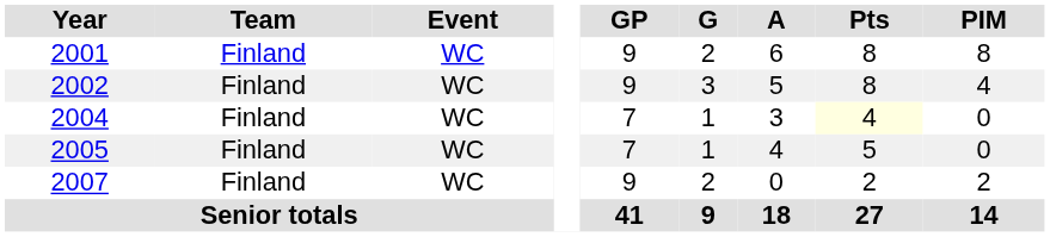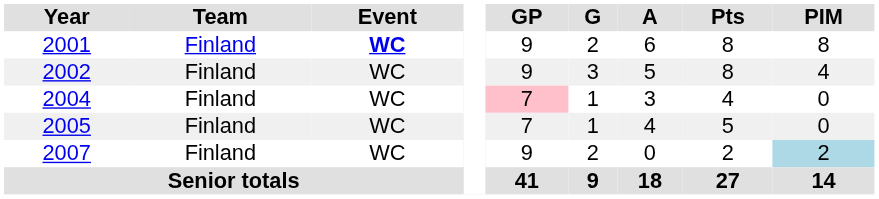 <table border="0" cellpadding="1" cellspacing="0" style="text-align:center; width:40em">
 <tr ALIGN="center" bgcolor="#e0e0e0">
 <th>Year</th>
 <th>Team</th>
 <th>Event</th>
 <th rowspan="99" bgcolor="#ffffff"> </th>
 <th>GP</th>
 <th>G</th>
 <th>A</th>
 <th>Pts</th>
 <th>PIM</th>
 </tr>
 <tr>
 <td><a href='#'>2001</a></td>
 <td><a href='#'>Finland</a></td>
-<td><a href='#'>WC</a></td>
+<td><strong><a href='#'>WC</a></strong></td>
 <td>9</td>
 <td>2</td>
 <td>6</td>
 <td>8</td>
 <td>8</td>
 </tr>
 <tr bgcolor="#f0f0f0">
 <td><a href='#'>2002</a></td>
 <td>Finland</td>
 <td>WC</td>
 <td>9</td>
 <td>3</td>
 <td>5</td>
 <td>8</td>
 <td>4</td>
 </tr>
 <tr>
 <td><a href='#'>2004</a></td>
 <td>Finland</td>
 <td>WC</td>
-<td>7</td>
+<td style="background: pink;">7</td>
 <td>1</td>
 <td>3</td>
-<td style="background: lightyellow;">4</td>
+<td>4</td>
 <td>0</td>
 </tr>
 <tr bgcolor="#f0f0f0">
 <td><a href='#'>2005</a></td>
 <td>Finland</td>
 <td>WC</td>
 <td>7</td>
 <td>1</td>
 <td>4</td>
 <td>5</td>
 <td>0</td>
 </tr>
 <tr>
 <td><a href='#'>2007</a></td>
 <td>Finland</td>
 <td>WC</td>
 <td>9</td>
 <td>2</td>
 <td>0</td>
 <td>2</td>
-<td>2</td>
+<td style="background: lightblue;">2</td>
 </tr>
 <tr bgcolor="#e0e0e0">
 <th colspan=3>Senior totals</th>
 <th>41</th>
 <th>9</th>
 <th>18</th>
 <th>27</th>
 <th>14</th>
 </tr>
 </table>
